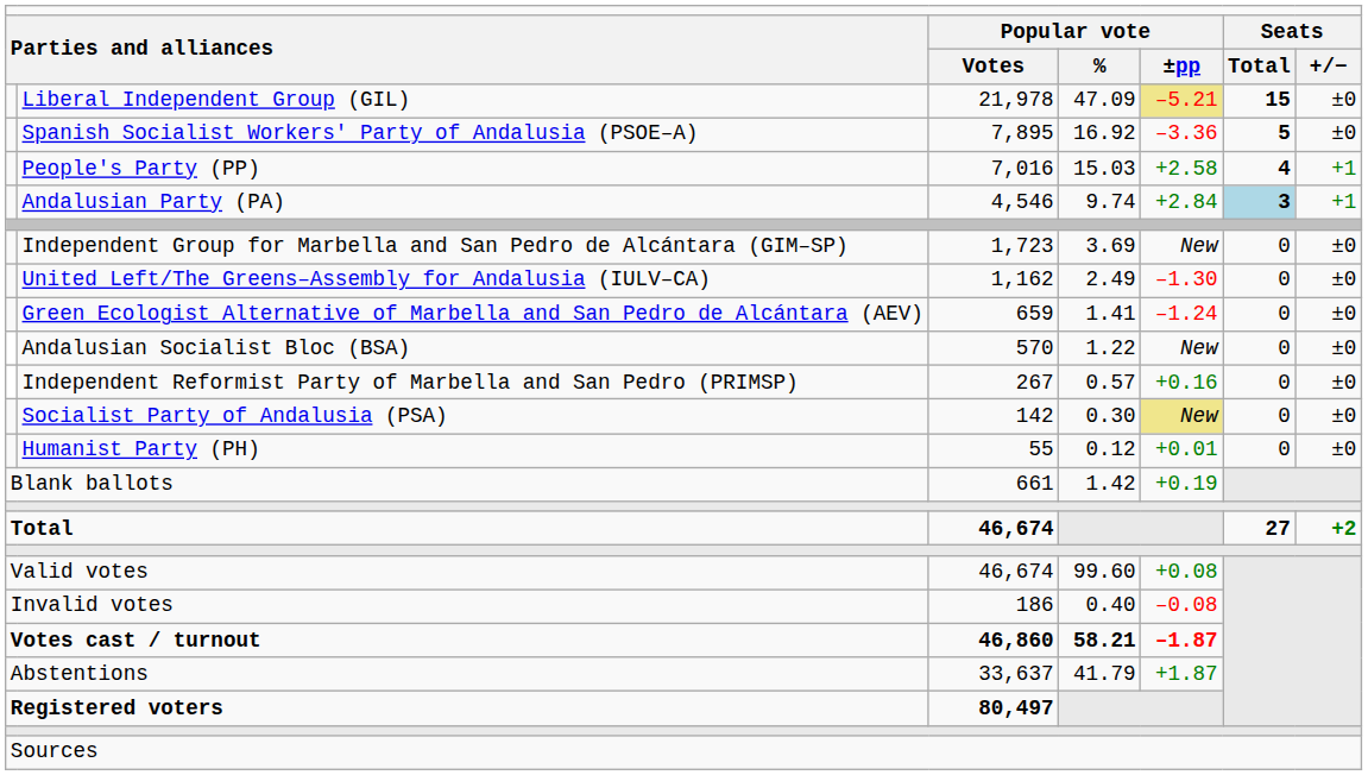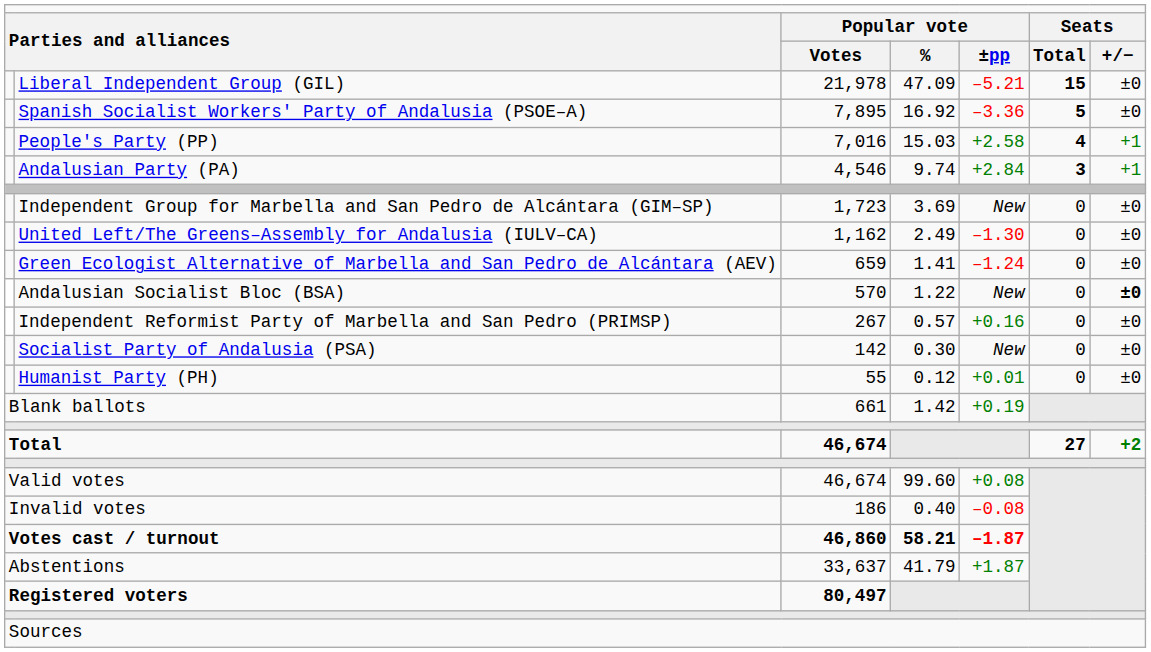 <table class="wikitable" style="text-align:right;">
 <tr>
 <td colspan="7"></td>
 </tr>
 <tr>
 <th style="text-align:left;" rowspan="2" colspan="2" width="525">Parties and alliances</th>
 <th colspan="3">Popular vote</th>
 <th colspan="2">Seats</th>
 </tr>
 <tr>
 <th width="75">Votes</th>
 <th width="45">%</th>
 <th width="45">±<a href='#'>pp</a></th>
 <th width="35">Total</th>
 <th width="35">+/−</th>
 </tr>
 <tr>
 <td style="color:inherit;background:"></td>
 <td align="left"><a href='#'>Liberal Independent Group</a> (GIL)</td>
 <td>21,978</td>
 <td>47.09</td>
-<td style="background: khaki; color:red;">–5.21</td>
+<td style="color:red;">–5.21</td>
 <td><strong>15</strong></td>
 <td>±0</td>
 </tr>
 <tr>
 <td style="color:inherit;background:"></td>
 <td align="left"><a href='#'>Spanish Socialist Workers' Party of Andalusia</a> (PSOE–A)</td>
 <td>7,895</td>
 <td>16.92</td>
 <td style="color:red;">–3.36</td>
 <td><strong>5</strong></td>
 <td>±0</td>
 </tr>
 <tr>
 <td width="1" style="color:inherit;background:"></td>
 <td align="left"><a href='#'>People's Party</a> (PP)</td>
 <td>7,016</td>
 <td>15.03</td>
 <td style="color:green;">+2.58</td>
 <td><strong>4</strong></td>
 <td style="color:green;">+1</td>
 </tr>
 <tr>
 <td style="color:inherit;background:"></td>
 <td align="left"><a href='#'>Andalusian Party</a> (PA)</td>
 <td>4,546</td>
 <td>9.74</td>
 <td style="color:green;">+2.84</td>
-<td style="background: lightblue;"><strong>3</strong></td>
+<td><strong>3</strong></td>
 <td style="color:green;">+1</td>
 </tr>
 <tr>
 <td colspan="7" bgcolor="#C0C0C0"></td>
 </tr>
 <tr>
 <td style="color:inherit;background:"></td>
 <td align="left">Independent Group for Marbella and San Pedro de Alcántara (GIM–SP)</td>
 <td>1,723</td>
 <td>3.69</td>
 <td><em>New</em></td>
 <td>0</td>
 <td>±0</td>
 </tr>
 <tr>
 <td style="color:inherit;background:"></td>
 <td align="left"><a href='#'>United Left/The Greens–Assembly for Andalusia</a> (IULV–CA)</td>
 <td>1,162</td>
 <td>2.49</td>
 <td style="color:red;">–1.30</td>
 <td>0</td>
 <td>±0</td>
 </tr>
 <tr>
 <td style="color:inherit;background:"></td>
 <td align="left"><a href='#'>Green Ecologist Alternative of Marbella and San Pedro de Alcántara</a> (AEV)</td>
 <td>659</td>
 <td>1.41</td>
 <td style="color:red;">–1.24</td>
 <td>0</td>
 <td>±0</td>
 </tr>
 <tr>
 <td bgcolor="white"></td>
 <td align="left">Andalusian Socialist Bloc (BSA)</td>
 <td>570</td>
 <td>1.22</td>
 <td><em>New</em></td>
 <td>0</td>
-<td>±0</td>
+<td><strong>±0</strong></td>
 </tr>
 <tr>
 <td bgcolor="white"></td>
 <td align="left">Independent Reformist Party of Marbella and San Pedro (PRIMSP)</td>
 <td>267</td>
 <td>0.57</td>
 <td style="color:green;">+0.16</td>
 <td>0</td>
 <td>±0</td>
 </tr>
 <tr>
 <td style="color:inherit;background:"></td>
 <td align="left"><a href='#'>Socialist Party of Andalusia</a> (PSA)</td>
 <td>142</td>
 <td>0.30</td>
-<td style="background: khaki;"><em>New</em></td>
+<td><em>New</em></td>
 <td>0</td>
 <td>±0</td>
 </tr>
 <tr>
 <td style="color:inherit;background:"></td>
 <td align="left"><a href='#'>Humanist Party</a> (PH)</td>
 <td>55</td>
 <td>0.12</td>
 <td style="color:green;">+0.01</td>
 <td>0</td>
 <td>±0</td>
 </tr>
 <tr>
 <td align="left" colspan="2">Blank ballots</td>
 <td>661</td>
 <td>1.42</td>
 <td style="color:green;">+0.19</td>
 <td bgcolor="#E9E9E9" colspan="2"></td>
 </tr>
 <tr>
 <td colspan="7" bgcolor="#E9E9E9"></td>
 </tr>
 <tr style="font-weight:bold;">
 <td align="left" colspan="2">Total</td>
 <td>46,674</td>
 <td bgcolor="#E9E9E9" colspan="2"></td>
 <td>27</td>
 <td style="color:green;">+2</td>
 </tr>
 <tr>
 <td colspan="7" bgcolor="#E9E9E9"></td>
 </tr>
 <tr>
 <td align="left" colspan="2">Valid votes</td>
 <td>46,674</td>
 <td>99.60</td>
 <td style="color:green;">+0.08</td>
 <td bgcolor="#E9E9E9" colspan="2" rowspan="5"></td>
 </tr>
 <tr>
 <td align="left" colspan="2">Invalid votes</td>
 <td>186</td>
 <td>0.40</td>
 <td style="color:red;">–0.08</td>
 </tr>
 <tr style="font-weight:bold;">
 <td align="left" colspan="2">Votes cast / turnout</td>
 <td>46,860</td>
 <td>58.21</td>
 <td style="color:red;">–1.87</td>
 </tr>
 <tr>
 <td align="left" colspan="2">Abstentions</td>
 <td>33,637</td>
 <td>41.79</td>
 <td style="color:green;">+1.87</td>
 </tr>
 <tr style="font-weight:bold;">
 <td align="left" colspan="2">Registered voters</td>
 <td>80,497</td>
 <td bgcolor="#E9E9E9" colspan="2"></td>
 </tr>
 <tr>
 <td colspan="7" bgcolor="#E9E9E9"></td>
 </tr>
 <tr>
 <td align="left" colspan="7">Sources</td>
 </tr>
 </table>
